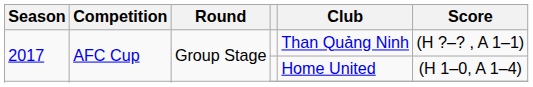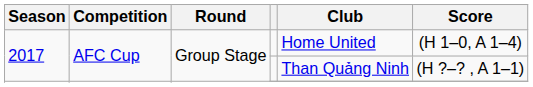 <table class="wikitable">
 <tr>
 <th>Season</th>
 <th>Competition</th>
 <th>Round</th>
 <th></th>
 <th>Club</th>
 <th>Score</th>
 </tr>
 <tr>
 <td rowspan="3"><a href='#'>2017</a></td>
 <td rowspan="3"><a href='#'>AFC Cup</a></td>
 <td rowspan="3">Group Stage</td>
 <td></td>
+<td><a href='#'>Home United</a></td>
+<td align=center>(H 1–0, A 1–4)</td>
+</tr>
+<tr>
+<td></td>
 <td><a href='#'>Than Quảng Ninh</a></td>
 <td align=center>(H ?–? , A 1–1)</td>
 </tr>
 <tr>
-<td></td>
-<td><a href='#'>Home United</a></td>
-<td align=center>(H 1–0, A 1–4)</td>
-</tr>
-<tr>
 </tr>
 </table>
